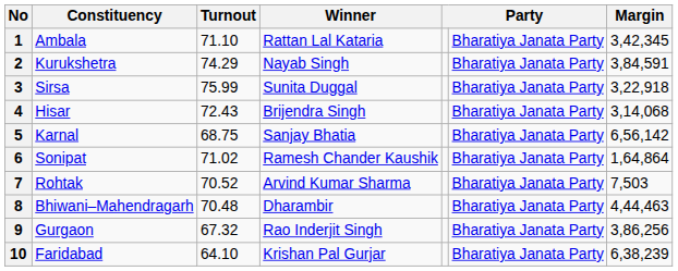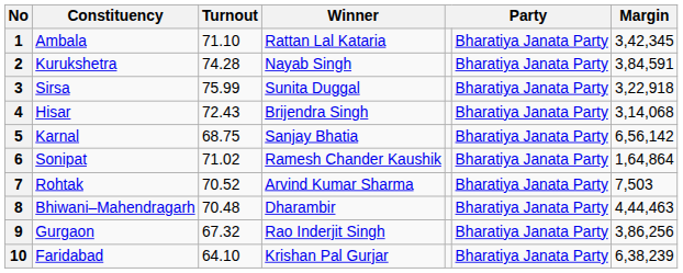 <table class="wikitable sortable">
 <tr>
 <th>No</th>
 <th>Constituency</th>
 <th>Turnout<strong></strong></th>
 <th>Winner</th>
 <th colspan="2">Party</th>
 <th>Margin</th>
 </tr>
 <tr>
 <th>1</th>
 <td><a href='#'>Ambala</a></td>
 <td>71.10 </td>
 <td><a href='#'>Rattan Lal Kataria</a></td>
 <td style="background:"></td>
 <td><a href='#'>Bharatiya Janata Party</a></td>
 <td>3,42,345</td>
 </tr>
 <tr>
 <th>2</th>
 <td><a href='#'>Kurukshetra</a></td>
-<td>74.29 </td>
+<td>74.28 </td>
 <td><a href='#'>Nayab Singh</a></td>
 <td style="background:"></td>
 <td><a href='#'>Bharatiya Janata Party</a></td>
 <td>3,84,591</td>
 </tr>
 <tr>
 <th>3</th>
 <td><a href='#'>Sirsa</a></td>
 <td>75.99 </td>
 <td><a href='#'>Sunita Duggal</a></td>
 <td style="background:"></td>
 <td><a href='#'>Bharatiya Janata Party</a></td>
 <td>3,22,918</td>
 </tr>
 <tr>
 <th>4</th>
 <td><a href='#'>Hisar</a></td>
 <td>72.43 </td>
 <td><a href='#'>Brijendra Singh</a></td>
 <td style="background:"></td>
 <td><a href='#'>Bharatiya Janata Party</a></td>
 <td>3,14,068</td>
 </tr>
 <tr>
 <th>5</th>
 <td><a href='#'>Karnal</a></td>
 <td>68.75 </td>
 <td><a href='#'>Sanjay Bhatia</a></td>
 <td style="background:"></td>
 <td><a href='#'>Bharatiya Janata Party</a></td>
 <td>6,56,142</td>
 </tr>
 <tr>
 <th>6</th>
 <td><a href='#'>Sonipat</a></td>
 <td>71.02 </td>
 <td><a href='#'>Ramesh Chander Kaushik</a></td>
 <td style="background:"></td>
 <td><a href='#'>Bharatiya Janata Party</a></td>
 <td>1,64,864</td>
 </tr>
 <tr>
 <th>7</th>
 <td><a href='#'>Rohtak</a></td>
 <td>70.52 </td>
 <td><a href='#'>Arvind Kumar Sharma</a></td>
 <td style="background:"></td>
 <td><a href='#'>Bharatiya Janata Party</a></td>
 <td>7,503</td>
 </tr>
 <tr>
 <th>8</th>
 <td><a href='#'>Bhiwani–Mahendragarh</a></td>
 <td>70.48 </td>
 <td><a href='#'>Dharambir</a></td>
 <td style="background:"></td>
 <td><a href='#'>Bharatiya Janata Party</a></td>
 <td>4,44,463</td>
 </tr>
 <tr>
 <th>9</th>
 <td><a href='#'>Gurgaon</a></td>
 <td>67.32 </td>
 <td><a href='#'>Rao Inderjit Singh</a></td>
 <td style="background:"></td>
 <td><a href='#'>Bharatiya Janata Party</a></td>
 <td>3,86,256</td>
 </tr>
 <tr>
 <th>10</th>
 <td><a href='#'>Faridabad</a></td>
 <td>64.10 </td>
 <td><a href='#'>Krishan Pal Gurjar</a></td>
 <td style="background:"></td>
 <td><a href='#'>Bharatiya Janata Party</a></td>
 <td>6,38,239</td>
 </tr>
 </table>
